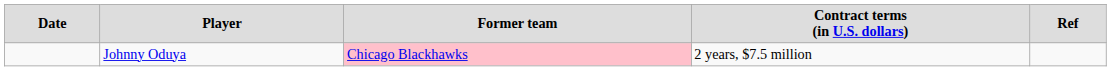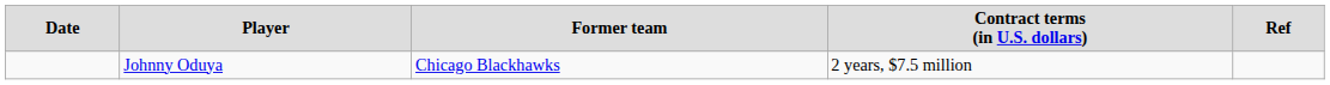 <table class="wikitable" width=98%>
 <tr align="center" bgcolor="#dddddd">
 <td><strong>Date</strong></td>
 <td><strong>Player</strong></td>
 <td><strong>Former team</strong></td>
 <td><strong>Contract terms</strong><br><strong>(in <a href='#'>U.S. dollars</a>)</strong></td>
 <td><strong>Ref</strong></td>
 </tr>
 <tr>
 <td></td>
 <td><a href='#'>Johnny Oduya</a></td>
-<td style="background: pink;"><a href='#'>Chicago Blackhawks</a></td>
+<td><a href='#'>Chicago Blackhawks</a></td>
 <td>2 years, $7.5 million</td>
 <td></td>
 </tr>
 </table>
